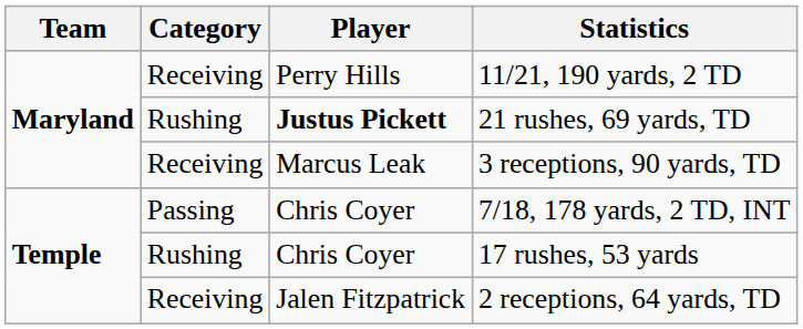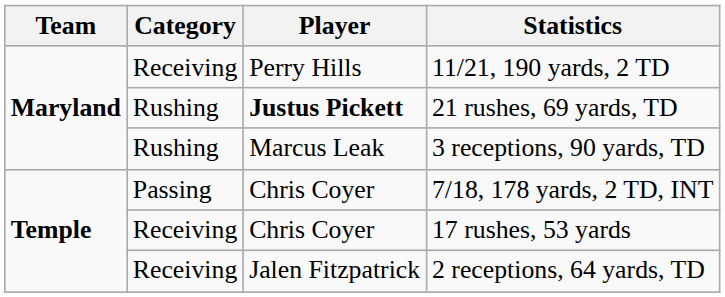 <table class="wikitable" style="float: left;">
 <tr>
 <th>Team</th>
 <th>Category</th>
 <th>Player</th>
 <th>Statistics</th>
 </tr>
 <tr>
 <td rowspan=3><strong>Maryland</strong></td>
 <td>Receiving</td>
 <td>Perry Hills</td>
 <td>11/21, 190 yards, 2 TD</td>
 </tr>
 <tr>
 <td>Rushing</td>
 <td><strong>Justus Pickett</strong></td>
 <td>21 rushes, 69 yards, TD</td>
 </tr>
 <tr>
-<td>Receiving</td>
+<td>Rushing</td>
 <td>Marcus Leak</td>
 <td>3 receptions, 90 yards, TD</td>
 </tr>
 <tr>
 <td rowspan=3><strong>Temple</strong></td>
 <td>Passing</td>
 <td>Chris Coyer</td>
 <td>7/18, 178 yards, 2 TD, INT</td>
 </tr>
 <tr>
-<td>Rushing</td>
+<td>Receiving</td>
 <td>Chris Coyer</td>
 <td>17 rushes, 53 yards</td>
 </tr>
 <tr>
 <td>Receiving</td>
 <td>Jalen Fitzpatrick</td>
 <td>2 receptions, 64 yards, TD</td>
 </tr>
 </table>
